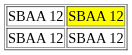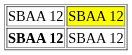 <table border="1" style="margin:1em auto;">
 <tr size="40"  style="text-align:center; color:black; font-size:14pt; background:white;">
 <td>SBAA 12</td>
 <td style="background:yellow; ">SBAA 12</td>
 </tr>
 <tr size="40"  style="text-align:center; color:black; font-size:14pt; background:white;">
-<td>SBAA 12</td>
+<td><strong>SBAA 12</strong></td>
 <td>SBAA 12</td>
 </tr>
 </table>
